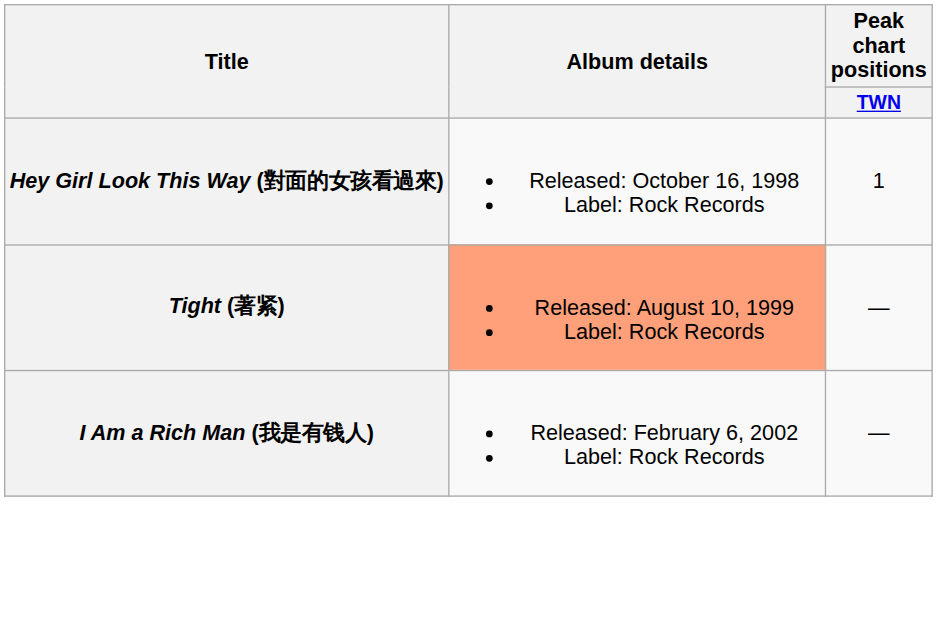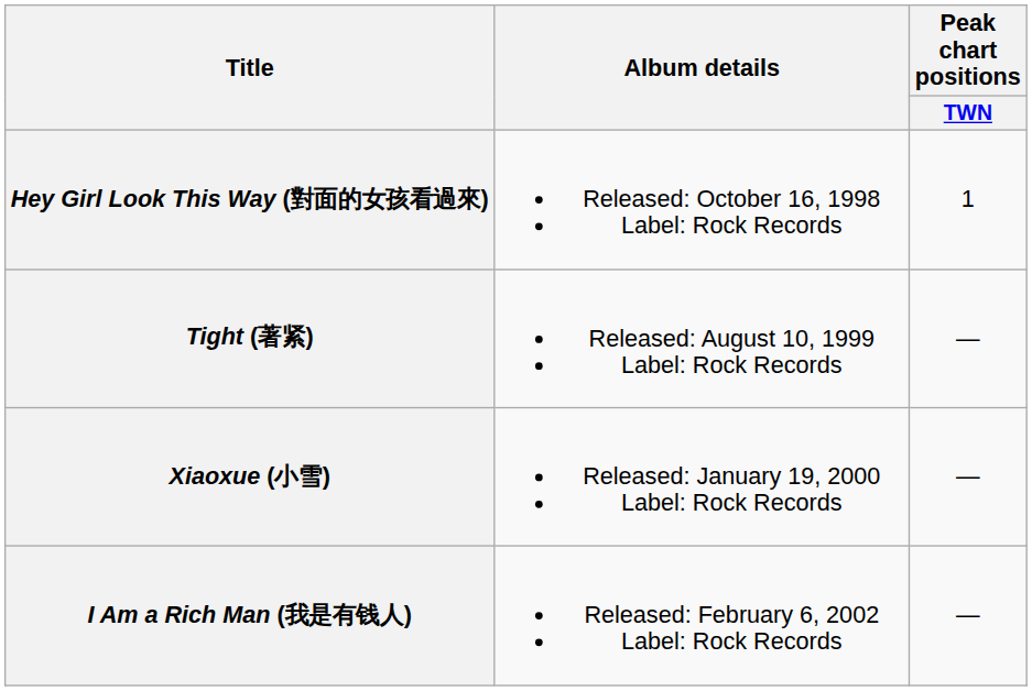 <table class="wikitable plainrowheaders" style="text-align:center;">
 <tr>
 <th rowspan="2">Title</th>
 <th rowspan="2" style="width:17em">Album details</th>
 <th rowspan="1" scope="col">Peak chart positions</th>
 </tr>
 <tr>
 <th scope="col" style="width:3em;font-size:90%;"><a href='#'>TWN</a><br></th>
 </tr>
 <tr>
 <th scope="row"><em>Hey Girl Look This Way</em> (對面的女孩看過來)</th>
 <td><br><ul><li>Released: October 16, 1998</li><li>Label: Rock Records</li></ul></td>
 <td>1</td>
 </tr>
 <tr>
 <th scope="row"><em>Tight</em> (著紧)</th>
-<td style="background: lightsalmon;"><br><ul><li>Released: August 10, 1999</li><li>Label: Rock Records</li></ul></td>
+<td><br><ul><li>Released: August 10, 1999</li><li>Label: Rock Records</li></ul></td>
+<td>—</td>
+</tr>
+<tr>
+<th scope="row"><em>Xiaoxue</em> (小雪)</th>
+<td><br><ul><li>Released: January 19, 2000</li><li>Label: Rock Records</li></ul></td>
 <td>—</td>
 </tr>
 <tr>
 <th scope="row"><em>I Am a Rich Man</em> (我是有钱人)</th>
 <td><br><ul><li>Released: February 6, 2002</li><li>Label: Rock Records</li></ul></td>
 <td>—</td>
 </tr>
 </table>
